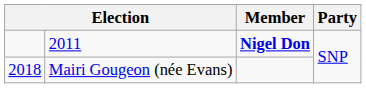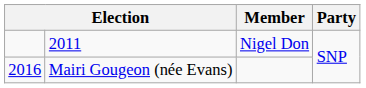 <table class="wikitable">
 <tr>
 <th colspan="2">Election</th>
 <th>Member</th>
 <th>Party</th>
 </tr>
 <tr>
 <td style="background-color: "></td>
 <td><a href='#'>2011</a></td>
-<td><strong><a href='#'>Nigel Don</a></strong></td>
+<td><a href='#'>Nigel Don</a></td>
 <td rowspan="2"><a href='#'>SNP</a></td>
 </tr>
 <tr>
-<td><a href='#'>2018</a></td>
+<td><a href='#'>2016</a></td>
 <td><a href='#'>Mairi Gougeon</a> (née Evans)</td>
 </tr>
 </table>
